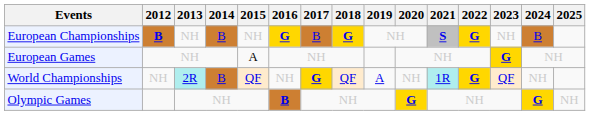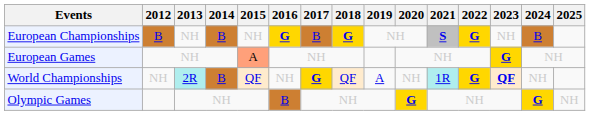 <table class="wikitable" style="font-size: 90%; text-align:center">
 <tr>
 <th>Events</th>
 <th>2012</th>
 <th>2013</th>
 <th>2014</th>
 <th>2015</th>
 <th>2016</th>
 <th>2017</th>
 <th>2018</th>
 <th>2019</th>
 <th>2020</th>
 <th>2021</th>
 <th>2022</th>
 <th>2023</th>
 <th>2024</th>
 <th>2025</th>
 </tr>
 <tr>
 <td bgcolor="#ECF2FF"; align="left"><a href='#'>European Championships</a></td>
-<td bgcolor=CD7F32><strong><a href='#'>B</a></strong></td>
+<td bgcolor=CD7F32><a href='#'>B</a></td>
 <td style=color:#ccc>NH</td>
 <td bgcolor=CD7F32><a href='#'>B</a></td>
 <td style=color:#ccc>NH</td>
 <td bgcolor=gold><a href='#'><strong>G</strong></a></td>
 <td bgcolor=CD7F32><a href='#'>B</a></td>
 <td bgcolor=gold><a href='#'><strong>G</strong></a></td>
 <td colspan="2" style=color:#ccc>NH</td>
 <td bgcolor=silver><strong><a href='#'>S</a></strong></td>
 <td bgcolor=gold><a href='#'><strong>G</strong></a></td>
 <td style=color:#ccc>NH</td>
 <td bgcolor=CD7F32><a href='#'>B</a></td>
 <td><a href='#'></a></td>
 </tr>
 <tr>
 <td bgcolor="#ECF2FF"; align="left"><a href='#'>European Games</a></td>
 <td colspan="3" style=color:#ccc>NH</td>
-<td>A</td>
+<td style="background: lightsalmon;">A</td>
 <td colspan="3" style=color:#ccc>NH</td>
 <td><a href='#'></a></td>
 <td colspan="3" style=color:#ccc>NH</td>
 <td bgcolor=gold><a href='#'><strong>G</strong></a></td>
 <td colspan="3" style=color:#ccc>NH</td>
 </tr>
 <tr>
 <td bgcolor="#ECF2FF"; align="left"><a href='#'>World Championships</a></td>
 <td style=color:#ccc>NH</td>
 <td bgcolor=AFEEEE><a href='#'>2R</a></td>
 <td bgcolor=CD7F32><a href='#'>B</a></td>
 <td bgcolor=FFEBCD><a href='#'>QF</a></td>
 <td style=color:#ccc>NH</td>
 <td bgcolor=gold><a href='#'><strong>G</strong></a></td>
 <td bgcolor=FFEBCD><a href='#'>QF</a></td>
 <td><a href='#'>A</a></td>
 <td style=color:#ccc>NH</td>
 <td bgcolor=AFEEEE><a href='#'>1R</a></td>
 <td bgcolor=gold><a href='#'><strong>G</strong></a></td>
-<td bgcolor=FFEBCD><a href='#'>QF</a></td>
+<td bgcolor=FFEBCD><strong><a href='#'>QF</a></strong></td>
 <td style=color:#ccc>NH</td>
 <td></td>
 </tr>
 <tr>
 <td bgcolor="#ECF2FF"; align="left"><a href='#'>Olympic Games</a></td>
 <td></td>
 <td colspan="3" style=color:#ccc>NH</td>
-<td bgcolor=CD7F32><strong><a href='#'>B</a></strong></td>
+<td bgcolor=CD7F32><a href='#'>B</a></td>
 <td colspan="3" style=color:#ccc>NH</td>
 <td bgcolor=gold><a href='#'><strong>G</strong></a></td>
 <td colspan="3" style=color:#ccc>NH</td>
 <td bgcolor=gold><a href='#'><strong>G</strong></a></td>
 <td colspan="3" style=color:#ccc>NH</td>
 </tr>
 </table>
